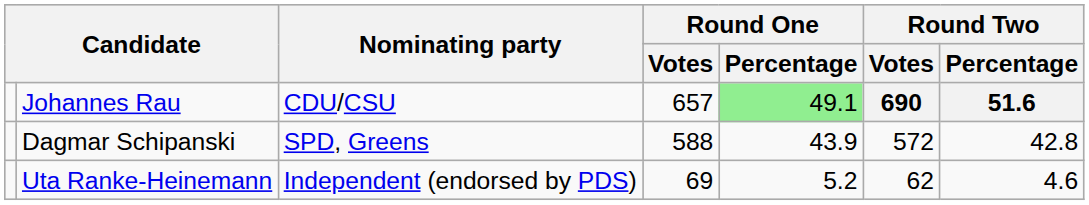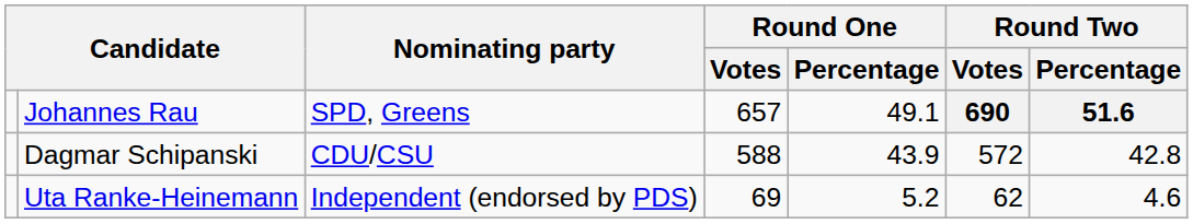 <table class="wikitable" style="font-size: 95%;">
 <tr>
 <th rowspan="2" width="150" colspan="2">Candidate</th>
 <th rowspan="2">Nominating party</th>
 <th colspan="2">Round One</th>
 <th colspan="2">Round Two</th>
 </tr>
 <tr>
 <th>Votes</th>
 <th>Percentage</th>
 <th>Votes</th>
 <th>Percentage</th>
 </tr>
 <tr align="right">
 <td></td>
 <td align="left"><a href='#'>Johannes Rau</a></td>
-<td align="left"><a href='#'>CDU</a>/<a href='#'>CSU</a></td>
+<td align="left"><a href='#'>SPD</a>, <a href='#'>Greens</a></td>
 <td>657</td>
-<td style="background: lightgreen;">49.1</td>
+<td>49.1</td>
 <th align="right">690</th>
 <th align="right">51.6</th>
 </tr>
 <tr align="right">
 <td></td>
 <td align="left">Dagmar Schipanski</td>
-<td align="left"><a href='#'>SPD</a>, <a href='#'>Greens</a></td>
+<td align="left"><a href='#'>CDU</a>/<a href='#'>CSU</a></td>
 <td>588</td>
 <td>43.9</td>
 <td>572</td>
 <td>42.8</td>
 </tr>
 <tr align="right">
 <td></td>
 <td align="left"><a href='#'>Uta Ranke-Heinemann</a></td>
 <td align="left"><a href='#'>Independent</a> (endorsed by <a href='#'>PDS</a>)</td>
 <td>69</td>
 <td>5.2</td>
 <td>62</td>
 <td>4.6</td>
 </tr>
 </table>
